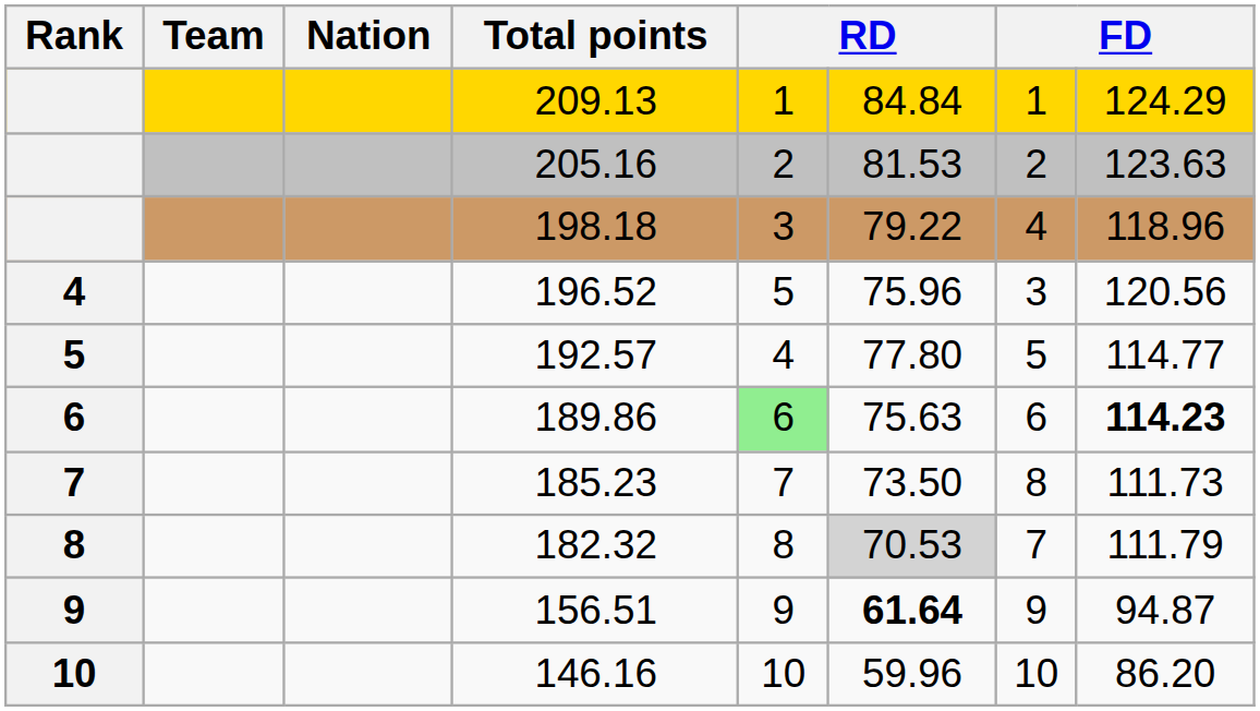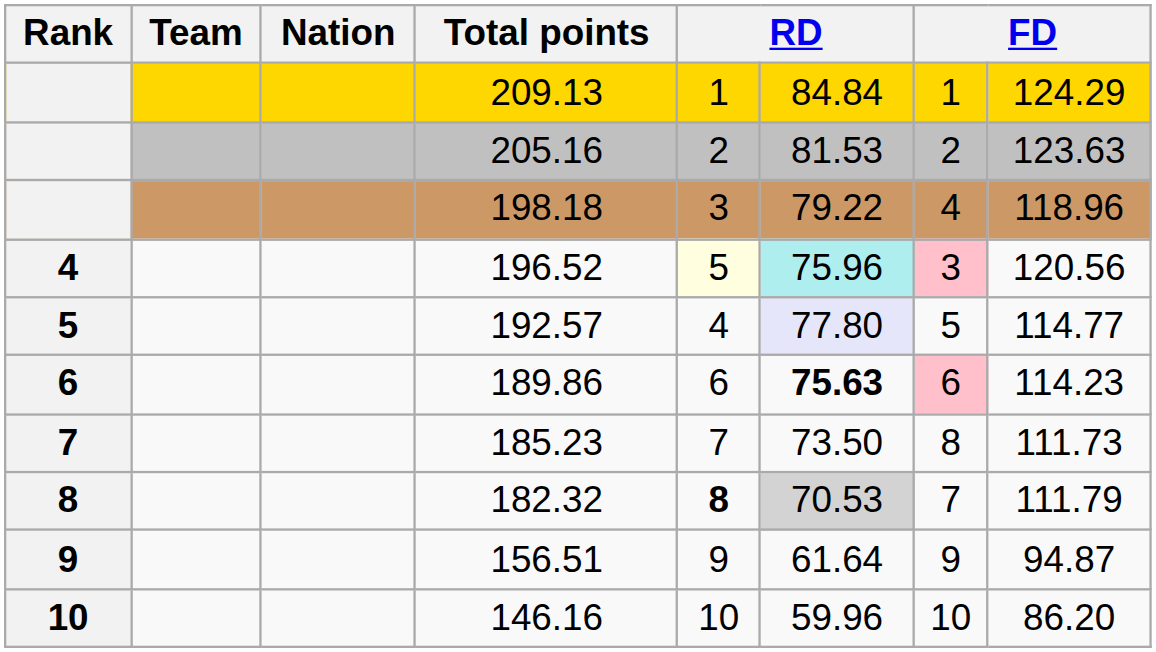 <table class="wikitable sortable" style="text-align:center;" width="80%">
 <tr>
 <th scope="col">Rank</th>
 <th scope="col">Team</th>
 <th scope="col">Nation</th>
 <th scope="col">Total points</th>
 <th scope="col" colspan="2" width="80px"><a href='#'>RD</a></th>
 <th scope="col" colspan="2" width="80px"><a href='#'>FD</a></th>
 </tr>
 <tr bgcolor="gold">
 <th scope="row"></th>
 <td align="left"></td>
 <td align="left"></td>
 <td>209.13</td>
 <td>1</td>
 <td>84.84</td>
 <td>1</td>
 <td>124.29</td>
 </tr>
 <tr bgcolor="silver">
 <th scope="row"></th>
 <td align="left"></td>
 <td align="left"></td>
 <td>205.16</td>
 <td>2</td>
 <td>81.53</td>
 <td>2</td>
 <td>123.63</td>
 </tr>
 <tr bgcolor="cc9966">
 <th scope="row"></th>
 <td align="left"></td>
 <td align="left"></td>
 <td>198.18</td>
 <td>3</td>
 <td>79.22</td>
 <td>4</td>
 <td>118.96</td>
 </tr>
 <tr>
 <th scope="row">4</th>
 <td align="left"></td>
 <td align="left"></td>
 <td>196.52</td>
-<td>5</td>
-<td>75.96</td>
-<td>3</td>
+<td style="background: lightyellow;">5</td>
+<td style="background: paleturquoise;">75.96</td>
+<td style="background: pink;">3</td>
 <td>120.56</td>
 </tr>
 <tr>
 <th scope="row">5</th>
 <td align="left"></td>
 <td align="left"></td>
 <td>192.57</td>
 <td>4</td>
-<td>77.80</td>
+<td style="background: lavender;">77.80</td>
 <td>5</td>
 <td>114.77</td>
 </tr>
 <tr>
 <th scope="row">6</th>
 <td align="left"></td>
 <td align="left"></td>
 <td>189.86</td>
-<td style="background: lightgreen;">6</td>
-<td>75.63</td>
 <td>6</td>
-<td><strong>114.23</strong></td>
+<td><strong>75.63</strong></td>
+<td style="background: pink;">6</td>
+<td>114.23</td>
 </tr>
 <tr>
 <th scope="row">7</th>
 <td align="left"></td>
 <td align="left"></td>
 <td>185.23</td>
 <td>7</td>
 <td>73.50</td>
 <td>8</td>
 <td>111.73</td>
 </tr>
 <tr>
 <th scope="row">8</th>
 <td align="left"></td>
 <td align="left"></td>
 <td>182.32</td>
-<td>8</td>
+<td><strong>8</strong></td>
 <td style="background: lightgrey;">70.53</td>
 <td>7</td>
 <td>111.79</td>
 </tr>
 <tr>
 <th scope="row">9</th>
 <td align="left"></td>
 <td align="left"></td>
 <td>156.51</td>
 <td>9</td>
-<td><strong>61.64</strong></td>
+<td>61.64</td>
 <td>9</td>
 <td>94.87</td>
 </tr>
 <tr>
 <th scope="row">10</th>
 <td align="left"></td>
 <td align="left"></td>
 <td>146.16</td>
 <td>10</td>
 <td>59.96</td>
 <td>10</td>
 <td>86.20</td>
 </tr>
 </table>
